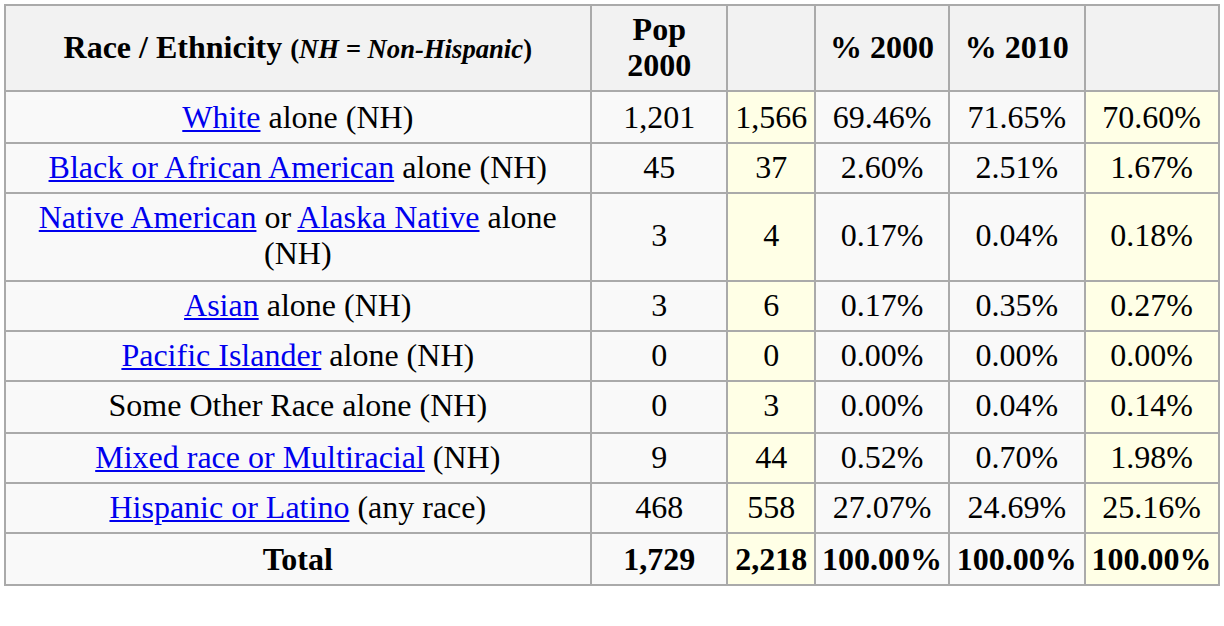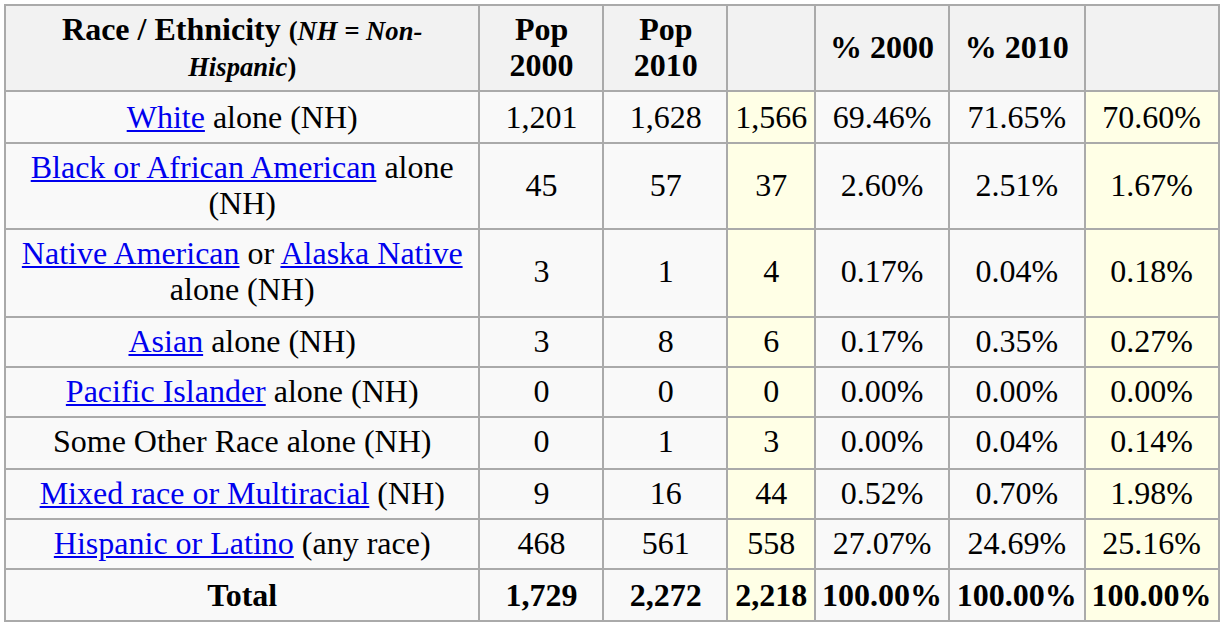 <table class="wikitable" style="text-align:center;">
 <tr>
 <th>Race / Ethnicity <small>(<em>NH = Non-Hispanic</em>)</small></th>
 <th>Pop 2000</th>
+<th>Pop 2010</th>
 <th></th>
 <th>% 2000</th>
 <th>% 2010</th>
 <th></th>
 </tr>
 <tr>
 <td><a href='#'>White</a> alone (NH)</td>
 <td>1,201</td>
+<td>1,628</td>
 <td style='background: #ffffe6;'>1,566</td>
 <td>69.46%</td>
 <td>71.65%</td>
 <td style='background: #ffffe6;'>70.60%</td>
 </tr>
 <tr>
 <td><a href='#'>Black or African American</a> alone (NH)</td>
 <td>45</td>
+<td>57</td>
 <td style='background: #ffffe6;'>37</td>
 <td>2.60%</td>
 <td>2.51%</td>
 <td style='background: #ffffe6;'>1.67%</td>
 </tr>
 <tr>
 <td><a href='#'>Native American</a> or <a href='#'>Alaska Native</a> alone (NH)</td>
 <td>3</td>
+<td>1</td>
 <td style='background: #ffffe6;'>4</td>
 <td>0.17%</td>
 <td>0.04%</td>
 <td style='background: #ffffe6;'>0.18%</td>
 </tr>
 <tr>
 <td><a href='#'>Asian</a> alone (NH)</td>
 <td>3</td>
+<td>8</td>
 <td style='background: #ffffe6;'>6</td>
 <td>0.17%</td>
 <td>0.35%</td>
 <td style='background: #ffffe6;'>0.27%</td>
 </tr>
 <tr>
 <td><a href='#'>Pacific Islander</a> alone (NH)</td>
+<td>0</td>
 <td>0</td>
 <td style='background: #ffffe6;'>0</td>
 <td>0.00%</td>
 <td>0.00%</td>
 <td style='background: #ffffe6;'>0.00%</td>
 </tr>
 <tr>
 <td>Some Other Race alone (NH)</td>
 <td>0</td>
+<td>1</td>
 <td style='background: #ffffe6;'>3</td>
 <td>0.00%</td>
 <td>0.04%</td>
 <td style='background: #ffffe6;'>0.14%</td>
 </tr>
 <tr>
 <td><a href='#'>Mixed race or Multiracial</a> (NH)</td>
 <td>9</td>
+<td>16</td>
 <td style='background: #ffffe6;'>44</td>
 <td>0.52%</td>
 <td>0.70%</td>
 <td style='background: #ffffe6;'>1.98%</td>
 </tr>
 <tr>
 <td><a href='#'>Hispanic or Latino</a> (any race)</td>
 <td>468</td>
+<td>561</td>
 <td style='background: #ffffe6;'>558</td>
 <td>27.07%</td>
 <td>24.69%</td>
 <td style='background: #ffffe6;'>25.16%</td>
 </tr>
 <tr>
 <td><strong>Total</strong></td>
 <td><strong>1,729</strong></td>
+<td><strong>2,272</strong></td>
 <td style='background: #ffffe6;'><strong>2,218</strong></td>
 <td><strong>100.00%</strong></td>
 <td><strong>100.00%</strong></td>
 <td style='background: #ffffe6;'><strong>100.00%</strong></td>
 </tr>
 </table>
